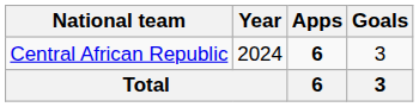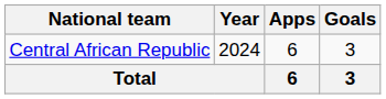 <table class="wikitable" style="text-align:center">
 <tr>
 <th>National team</th>
 <th>Year</th>
 <th>Apps</th>
 <th>Goals</th>
 </tr>
 <tr>
 <td><a href='#'>Central African Republic</a></td>
 <td>2024</td>
-<td><strong>6</strong></td>
+<td>6</td>
 <td>3</td>
 </tr>
 <tr>
 <th colspan="2">Total</th>
 <th>6</th>
 <th>3</th>
 </tr>
 </table>
